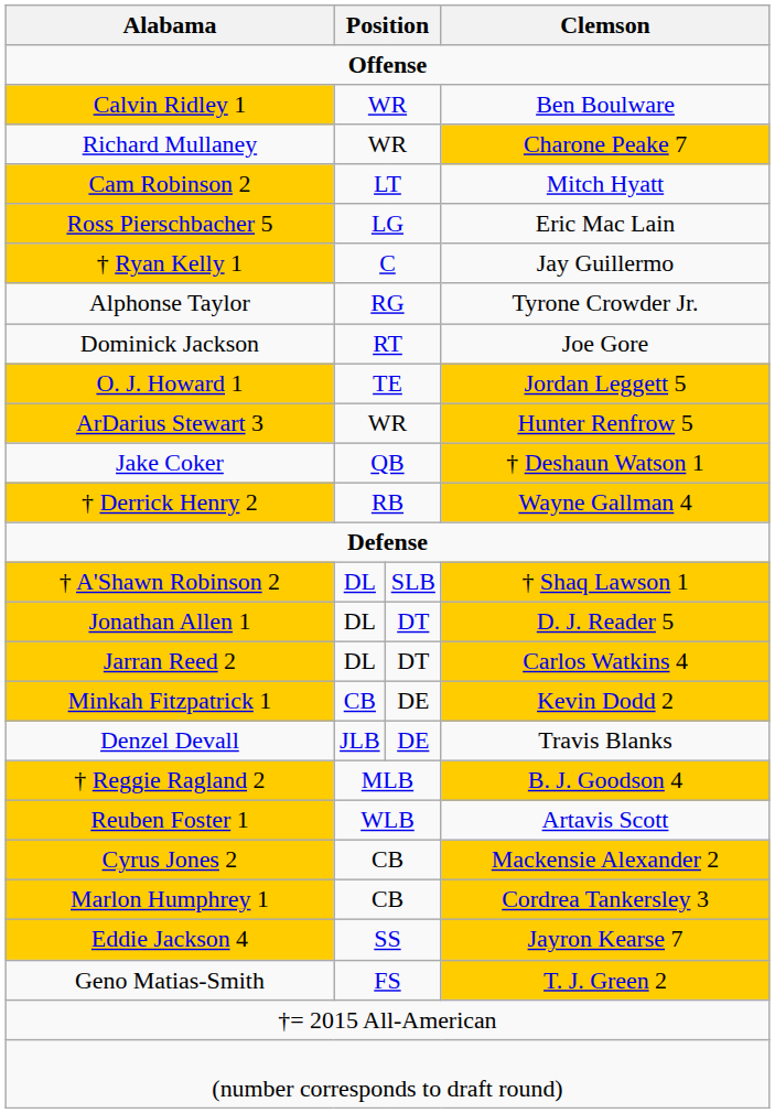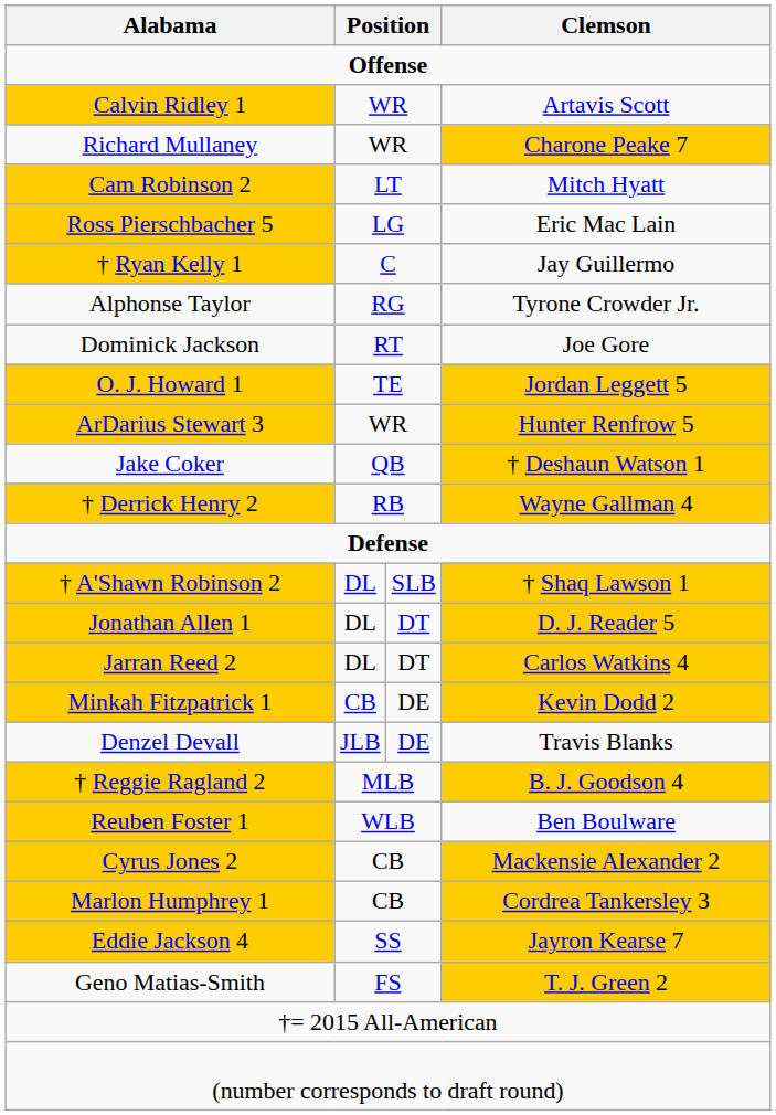 <table class="wikitable" style="margin:1em auto; text-align:center; font-size: 95%;">
 <tr>
 <th style="width:200px;">Alabama</th>
 <th colspan="2">Position</th>
 <th style="width:200px;">Clemson</th>
 </tr>
 <tr>
 <td colspan="4" style="text-align:center"><strong>Offense</strong></td>
 </tr>
 <tr>
 <td bgcolor="#ffcc00"><a href='#'>Calvin Ridley</a> 1</td>
 <td colspan="2" style="text-align:center"><a href='#'>WR</a></td>
-<td><a href='#'>Ben Boulware</a></td>
+<td><a href='#'>Artavis Scott</a></td>
 </tr>
 <tr>
 <td><a href='#'>Richard Mullaney</a></td>
 <td colspan="2" style="text-align:center">WR</td>
 <td bgcolor="#ffcc00"><a href='#'>Charone Peake</a> 7</td>
 </tr>
 <tr>
 <td bgcolor="#ffcc00"><a href='#'>Cam Robinson</a>  2</td>
 <td colspan="2" style="text-align:center"><a href='#'>LT</a></td>
 <td><a href='#'>Mitch Hyatt</a></td>
 </tr>
 <tr>
 <td bgcolor="#FFCC00"><a href='#'>Ross Pierschbacher</a> 5</td>
 <td colspan="2" style="text-align:center"><a href='#'>LG</a></td>
 <td>Eric Mac Lain</td>
 </tr>
 <tr>
 <td bgcolor="#ffcc00">† <a href='#'>Ryan Kelly</a>  1</td>
 <td colspan="2" style="text-align:center"><a href='#'>C</a></td>
 <td>Jay Guillermo</td>
 </tr>
 <tr>
 <td>Alphonse Taylor</td>
 <td colspan="2" style="text-align:center"><a href='#'>RG</a></td>
 <td>Tyrone Crowder Jr.</td>
 </tr>
 <tr>
 <td>Dominick Jackson</td>
 <td colspan="2" style="text-align:center"><a href='#'>RT</a></td>
 <td>Joe Gore</td>
 </tr>
 <tr>
 <td bgcolor="#ffcc00"><a href='#'>O. J. Howard</a> 1</td>
 <td colspan="2" style="text-align:center"><a href='#'>TE</a></td>
 <td bgcolor="#ffcc00"><a href='#'>Jordan Leggett</a> 5</td>
 </tr>
 <tr>
 <td bgcolor="#ffcc00"><a href='#'>ArDarius Stewart</a> 3</td>
 <td colspan="2" style="text-align:center">WR</td>
 <td bgcolor="#FFCC00"><a href='#'>Hunter Renfrow</a> 5</td>
 </tr>
 <tr>
 <td><a href='#'>Jake Coker</a></td>
 <td colspan="2" style="text-align:center"><a href='#'>QB</a></td>
 <td bgcolor="#ffcc00">† <a href='#'>Deshaun Watson</a> 1</td>
 </tr>
 <tr>
 <td bgcolor="#ffcc00">† <a href='#'>Derrick Henry</a> 2</td>
 <td colspan="2" style="text-align:center"><a href='#'>RB</a></td>
 <td bgcolor="#ffcc00"><a href='#'>Wayne Gallman</a> 4</td>
 </tr>
 <tr>
 <td colspan="4" style="text-align:center"><strong>Defense</strong></td>
 </tr>
 <tr>
 <td bgcolor="#ffcc00">† <a href='#'>A'Shawn Robinson</a> 2</td>
 <td style="text-align:center"><a href='#'>DL</a></td>
 <td style="text-align:center"><a href='#'>SLB</a></td>
 <td bgcolor="#ffcc00">† <a href='#'>Shaq Lawson</a> 1</td>
 </tr>
 <tr>
 <td bgcolor="#ffcc00"><a href='#'>Jonathan Allen</a> 1</td>
 <td style="text-align:center">DL</td>
 <td style="text-align:center"><a href='#'>DT</a></td>
 <td bgcolor="#ffcc00"><a href='#'>D. J. Reader</a> 5</td>
 </tr>
 <tr>
 <td bgcolor="#ffcc00"><a href='#'>Jarran Reed</a> 2</td>
 <td style="text-align:center">DL</td>
 <td style="text-align:center">DT</td>
 <td bgcolor="#ffcc00"><a href='#'>Carlos Watkins</a> 4</td>
 </tr>
 <tr>
 <td bgcolor="#ffcc00"><a href='#'>Minkah Fitzpatrick</a> 1</td>
 <td style="text-align:center"><a href='#'>CB</a></td>
 <td style="text-align:center">DE</td>
 <td bgcolor="#ffcc00"><a href='#'>Kevin Dodd</a> 2</td>
 </tr>
 <tr>
 <td><a href='#'>Denzel Devall</a></td>
 <td style="text-align:center"><a href='#'>JLB</a></td>
 <td style="text-align:center"><a href='#'>DE</a></td>
 <td>Travis Blanks</td>
 </tr>
 <tr>
 <td bgcolor="#ffcc00">† <a href='#'>Reggie Ragland</a> 2</td>
 <td colspan="2" style="text-align:center"><a href='#'>MLB</a></td>
 <td bgcolor="#ffcc00"><a href='#'>B. J. Goodson</a> 4</td>
 </tr>
 <tr>
 <td bgcolor="#ffcc00"><a href='#'>Reuben Foster</a> 1</td>
 <td colspan="2" style="text-align:center"><a href='#'>WLB</a></td>
-<td><a href='#'>Artavis Scott</a></td>
+<td><a href='#'>Ben Boulware</a></td>
 </tr>
 <tr>
 <td bgcolor="#ffcc00"><a href='#'>Cyrus Jones</a> 2</td>
 <td colspan="2" style="text-align:center">CB</td>
 <td bgcolor="#ffcc00"><a href='#'>Mackensie Alexander</a> 2</td>
 </tr>
 <tr>
 <td bgcolor="#ffcc00"><a href='#'>Marlon Humphrey</a> 1</td>
 <td colspan="2" style="text-align:center">CB</td>
 <td bgcolor="#ffcc00"><a href='#'>Cordrea Tankersley</a> 3</td>
 </tr>
 <tr>
 <td bgcolor="#ffcc00"><a href='#'>Eddie Jackson</a> 4</td>
 <td colspan="2" style="text-align:center"><a href='#'>SS</a></td>
 <td bgcolor="#ffcc00"><a href='#'>Jayron Kearse</a> 7</td>
 </tr>
 <tr>
 <td>Geno Matias-Smith</td>
 <td colspan="2" style="text-align:center"><a href='#'>FS</a></td>
 <td bgcolor="#ffcc00"><a href='#'>T. J. Green</a> 2</td>
 </tr>
 <tr>
 <td colspan=4 align=center>†= 2015 All-American</td>
 </tr>
 <tr>
 <td colspan=4 align=center><br>(number corresponds to draft round)</td>
 </tr>
 </table>
